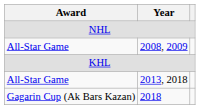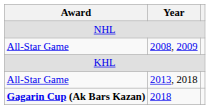 <table class="wikitable">
 <tr>
 <th>Award</th>
 <th>Year</th>
 <th></th>
 </tr>
 <tr ALIGN="center" bgcolor="#e0e0e0">
 <td colspan="3"><a href='#'>NHL</a></td>
 </tr>
 <tr>
 <td><a href='#'>All-Star Game</a></td>
 <td><a href='#'>2008</a>, <a href='#'>2009</a></td>
 <td></td>
 </tr>
 <tr ALIGN="center" bgcolor="#e0e0e0">
 <td colspan="3"><a href='#'>KHL</a></td>
 </tr>
 <tr>
 <td><a href='#'>All-Star Game</a></td>
 <td><a href='#'>2013</a>, 2018</td>
 <td></td>
 </tr>
 <tr>
-<td><a href='#'>Gagarin Cup</a> (Ak Bars Kazan)</td>
+<td><strong><a href='#'>Gagarin Cup</a> (Ak Bars Kazan)</strong></td>
 <td><a href='#'>2018</a></td>
 <td></td>
 </tr>
 </table>
